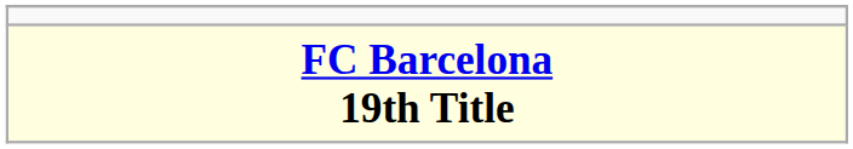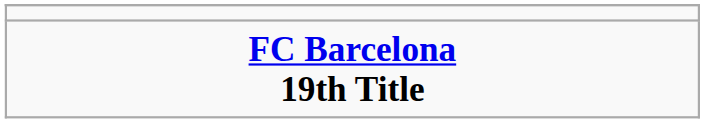 <table class="wikitable" style="text-align: center; margin: 0 auto; width: 20%">
 <tr European League >
 </tr>
 <tr>
 <td></td>
 </tr>
 <tr>
-<td style="background: lightyellow;"><strong><a href='#'>FC Barcelona</a></strong><br><strong>19th Title</strong></td>
+<td><strong><a href='#'>FC Barcelona</a></strong><br><strong>19th Title</strong></td>
 </tr>
 </table>
